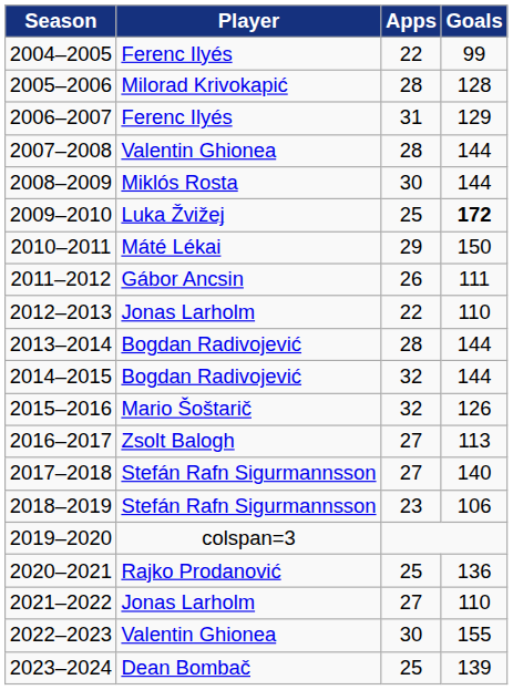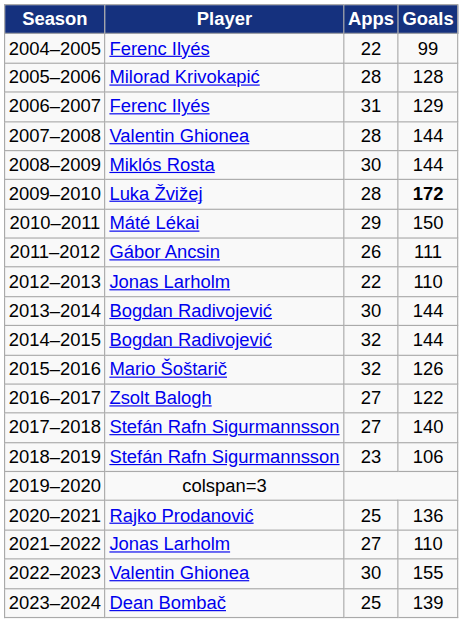 <table class="wikitable" style="text-align:center;">
 <tr>
 <th style="color:#FFFFFF; background:#15317E">Season</th>
 <th style="color:#FFFFFF; background:#15317E">Player</th>
 <th style="color:#FFFFFF; background:#15317E">Apps</th>
 <th style="color:#FFFFFF; background:#15317E">Goals</th>
 </tr>
 <tr>
 <td>2004–2005</td>
 <td align="left"> <a href='#'>Ferenc Ilyés</a></td>
 <td>22</td>
 <td>99</td>
 </tr>
 <tr>
 <td>2005–2006</td>
 <td align="left"> <a href='#'>Milorad Krivokapić</a></td>
 <td>28</td>
 <td>128</td>
 </tr>
 <tr>
 <td>2006–2007</td>
 <td align="left"> <a href='#'>Ferenc Ilyés</a></td>
 <td>31</td>
 <td>129</td>
 </tr>
 <tr>
 <td>2007–2008</td>
 <td align="left"> <a href='#'>Valentin Ghionea</a></td>
 <td>28</td>
 <td>144</td>
 </tr>
 <tr>
 <td>2008–2009</td>
 <td align="left"> <a href='#'>Miklós Rosta</a></td>
 <td>30</td>
 <td>144</td>
 </tr>
 <tr>
 <td>2009–2010</td>
 <td align="left"> <a href='#'>Luka Žvižej</a></td>
-<td>25</td>
+<td>28</td>
 <td><strong>172</strong></td>
 </tr>
 <tr>
 <td>2010–2011</td>
 <td align="left"> <a href='#'>Máté Lékai</a></td>
 <td>29</td>
 <td>150</td>
 </tr>
 <tr>
 <td>2011–2012</td>
 <td align="left"> <a href='#'>Gábor Ancsin</a></td>
 <td>26</td>
 <td>111</td>
 </tr>
 <tr>
 <td>2012–2013</td>
 <td align="left"> <a href='#'>Jonas Larholm</a></td>
 <td>22</td>
 <td>110</td>
 </tr>
 <tr>
 <td>2013–2014</td>
 <td align="left"> <a href='#'>Bogdan Radivojević</a></td>
-<td>28</td>
+<td>30</td>
 <td>144</td>
 </tr>
 <tr>
 <td>2014–2015</td>
 <td align="left"> <a href='#'>Bogdan Radivojević</a></td>
 <td>32</td>
 <td>144</td>
 </tr>
 <tr>
 <td>2015–2016</td>
 <td align="left"> <a href='#'>Mario Šoštarič</a></td>
 <td>32</td>
 <td>126</td>
 </tr>
 <tr>
 <td>2016–2017</td>
 <td align="left"> <a href='#'>Zsolt Balogh</a></td>
 <td>27</td>
-<td>113</td>
+<td>122</td>
 </tr>
 <tr>
 <td>2017–2018</td>
 <td align="left"> <a href='#'>Stefán Rafn Sigurmannsson</a></td>
 <td>27</td>
 <td>140</td>
 </tr>
 <tr>
 <td>2018–2019</td>
 <td align="left"> <a href='#'>Stefán Rafn Sigurmannsson</a></td>
 <td>23</td>
 <td>106</td>
 </tr>
 <tr>
 <td>2019–2020</td>
 <td>colspan=3 </td>
 </tr>
 <tr>
 <td>2020–2021</td>
 <td align="left"> <a href='#'>Rajko Prodanović</a></td>
 <td>25</td>
 <td>136</td>
 </tr>
 <tr>
 <td>2021–2022</td>
 <td align="left"> <a href='#'>Jonas Larholm</a></td>
 <td>27</td>
 <td>110</td>
 </tr>
 <tr>
 <td>2022–2023</td>
 <td align="left"> <a href='#'>Valentin Ghionea</a></td>
 <td>30</td>
 <td>155</td>
 </tr>
 <tr>
 <td>2023–2024</td>
 <td align="left"> <a href='#'>Dean Bombač</a></td>
 <td>25</td>
 <td>139</td>
 </tr>
 </table>
